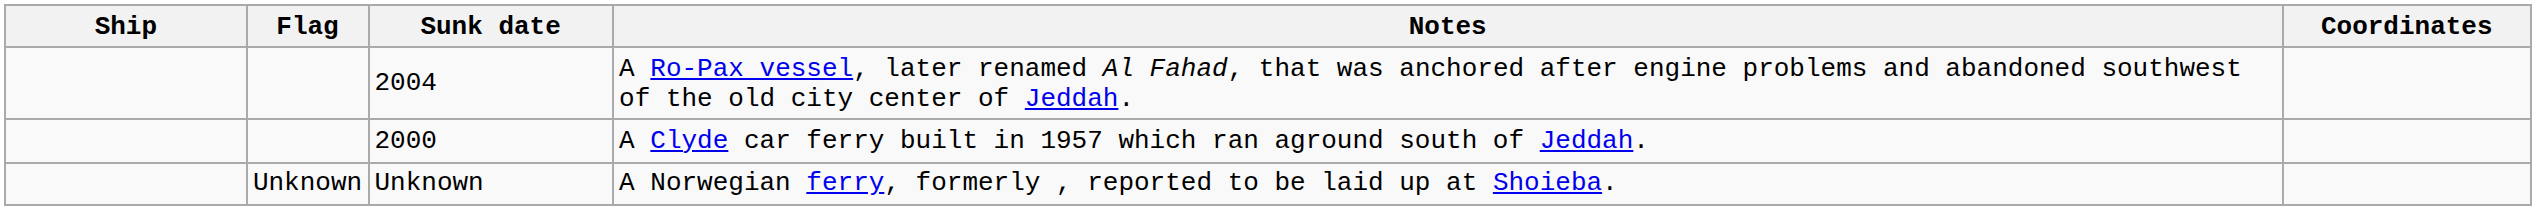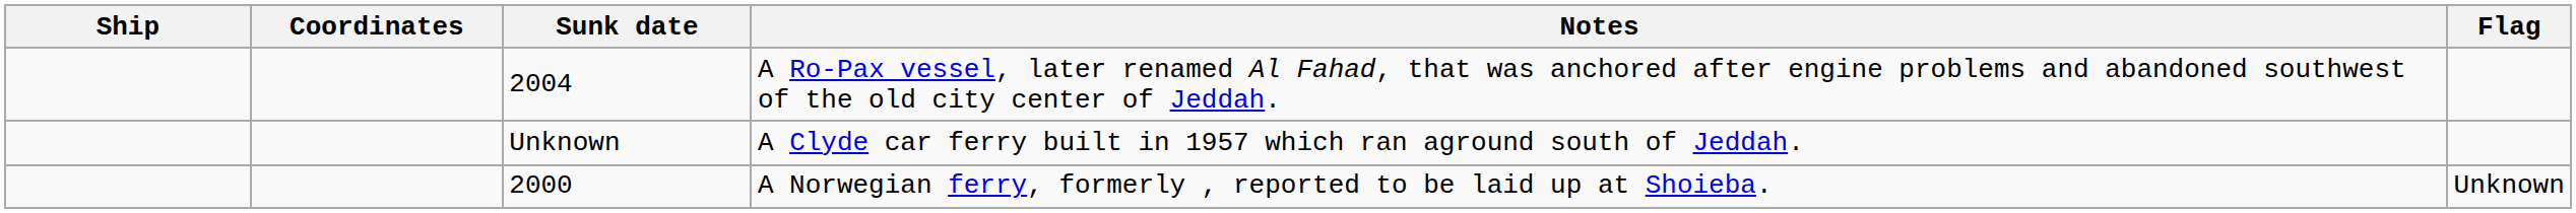 <table class=wikitable | style = "width:100%">
 <tr>
 <th style="width:10%">Ship</th>
-<th>Flag</th>
+<th style="width:10%">Coordinates</th>
 <th style="width:10%">Sunk date</th>
 <th style="width:70%">Notes</th>
-<th style="width:10%">Coordinates</th>
+<th>Flag</th>
 </tr>
 <tr>
 <td></td>
 <td></td>
 <td>2004</td>
 <td>A <a href='#'>Ro-Pax vessel</a>, later renamed <em>Al Fahad</em>, that was anchored after engine problems and abandoned  southwest of the old city center of <a href='#'>Jeddah</a>.</td>
 <td></td>
 </tr>
 <tr>
 <td></td>
 <td></td>
-<td>2000</td>
+<td>Unknown</td>
 <td>A <a href='#'>Clyde</a> car ferry built in 1957 which ran aground south of <a href='#'>Jeddah</a>.</td>
 <td></td>
 </tr>
 <tr>
 <td></td>
+<td></td>
+<td>2000</td>
+<td>A Norwegian <a href='#'>ferry</a>, formerly , reported to be laid up at <a href='#'>Shoieba</a>.</td>
 <td>Unknown</td>
-<td>Unknown</td>
-<td>A Norwegian <a href='#'>ferry</a>, formerly , reported to be laid up at <a href='#'>Shoieba</a>.</td>
-<td></td>
 </tr>
 </table>
